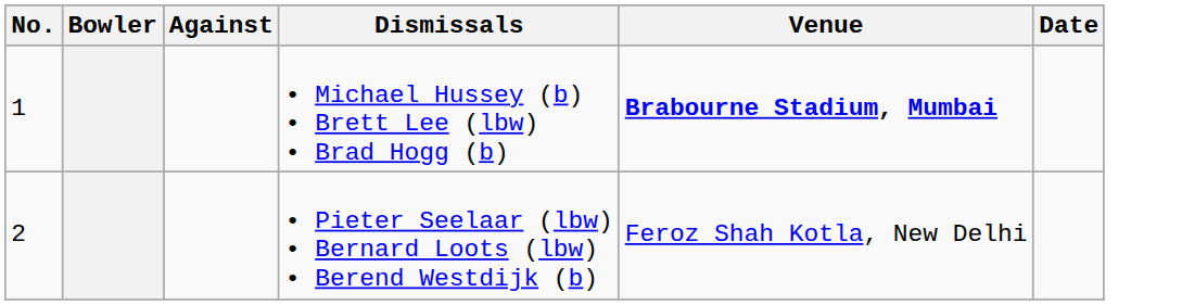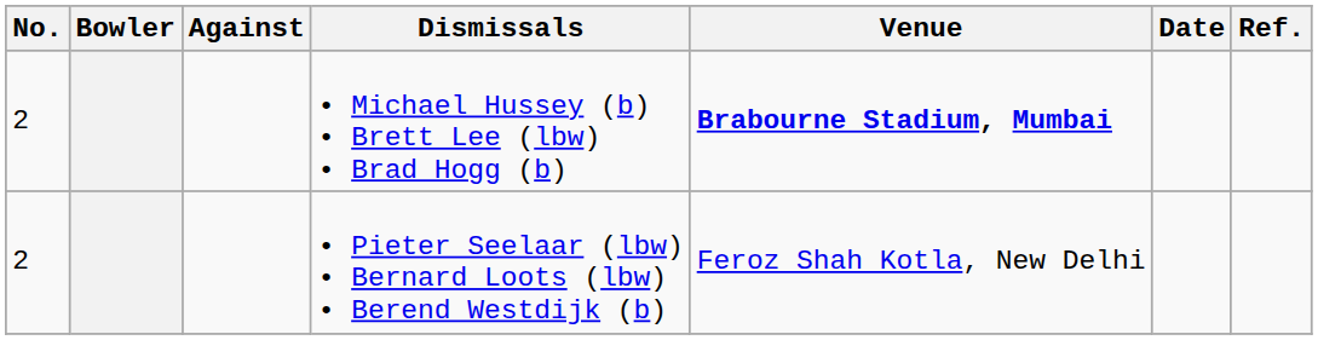 <table class="wikitable sortable plainrowheaders" style="font-size: 100%">
 <tr>
 <th scope="col">No.</th>
 <th scope="col">Bowler</th>
 <th scope="col">Against</th>
 <th scope="col">Dismissals</th>
 <th scope="col">Venue</th>
 <th scope="col">Date</th>
+<th scope="col" class="unsortable">Ref.</th>
 </tr>
 <tr>
-<td>1</td>
+<td>2</td>
 <th scope="row"></th>
 <td></td>
 <td><br>• <a href='#'>Michael Hussey</a> (<a href='#'>b</a>)<br> • <a href='#'>Brett Lee</a> (<a href='#'>lbw</a>)<br> • <a href='#'>Brad Hogg</a> (<a href='#'>b</a>)</td>
 <td><strong> <a href='#'>Brabourne Stadium</a>, <a href='#'>Mumbai</a></strong></td>
+<td></td>
 <td></td>
 </tr>
 <tr>
 <td>2</td>
 <th scope="row"></th>
 <td></td>
 <td><br>• <a href='#'>Pieter Seelaar</a> (<a href='#'>lbw</a>)<br> • <a href='#'>Bernard Loots</a> (<a href='#'>lbw</a>)<br> • <a href='#'>Berend Westdijk</a> (<a href='#'>b</a>)<br></td>
 <td> <a href='#'>Feroz Shah Kotla</a>, New Delhi</td>
 <td></td>
+<td></td>
 </tr>
 </table>
